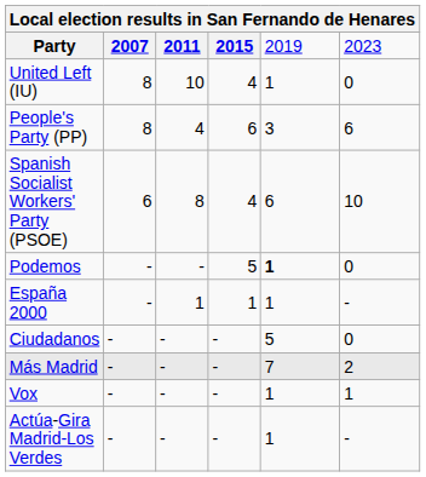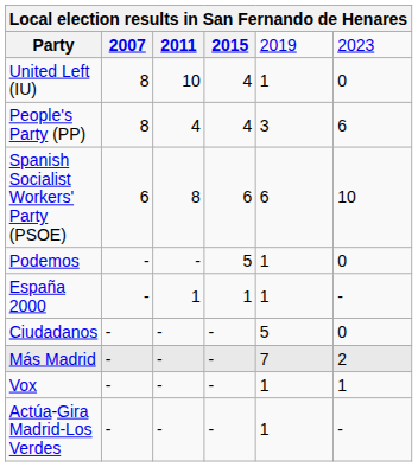 <table class="wikitable" style="font-size: 95%;">
 <tr>
 <th colspan="17">Local election results in San Fernando de Henares</th>
 </tr>
 <tr>
 <th style="width: 80px">Party</th>
 <th style="width: 40px"><a href='#'>2007</a></th>
 <th style="width: 40px"><a href='#'>2011</a></th>
 <th style="width: 40px"><a href='#'>2015</a></th>
 <td><a href='#'>2019</a></td>
 <td><a href='#'>2023</a></td>
 </tr>
 <tr>
 <td><a href='#'>United Left</a> (IU)</td>
 <td align="right">8</td>
 <td align="right">10</td>
 <td align="right">4</td>
 <td>1</td>
 <td>0</td>
 </tr>
 <tr>
 <td><a href='#'>People's Party</a> (PP)</td>
 <td align="right">8</td>
 <td align="right">4</td>
-<td align="right">6</td>
+<td align="right">4</td>
 <td>3</td>
 <td>6</td>
 </tr>
 <tr>
 <td><a href='#'>Spanish Socialist Workers' Party</a> (PSOE)</td>
 <td align="right">6</td>
 <td align="right">8</td>
-<td align="right">4</td>
+<td align="right">6</td>
 <td>6</td>
 <td>10</td>
 </tr>
 <tr>
 <td><a href='#'>Podemos</a></td>
 <td align="right">-</td>
 <td align="right">-</td>
 <td align="right">5</td>
-<td><strong>1</strong></td>
+<td>1</td>
 <td>0</td>
 </tr>
 <tr>
 <td><a href='#'>España 2000</a></td>
 <td align="right">-</td>
 <td align="right">1</td>
 <td align="right">1</td>
 <td>1</td>
 <td>-</td>
 </tr>
 <tr>
 <td><a href='#'>Ciudadanos</a></td>
 <td>-</td>
 <td>-</td>
 <td>-</td>
 <td>5</td>
 <td>0</td>
 </tr>
 <tr style="background-color:#E9E9E9">
 <td><a href='#'>Más Madrid</a></td>
 <td>-</td>
 <td>-</td>
 <td>-</td>
 <td>7</td>
 <td>2</td>
 </tr>
 <tr>
 <td><a href='#'>Vox</a></td>
 <td>-</td>
 <td>-</td>
 <td>-</td>
 <td>1</td>
 <td>1</td>
 </tr>
 <tr>
 <td><a href='#'>Actúa</a>-<a href='#'>Gira Madrid-Los Verdes</a></td>
 <td>-</td>
 <td>-</td>
 <td>-</td>
 <td>1</td>
 <td>-</td>
 </tr>
 </table>
